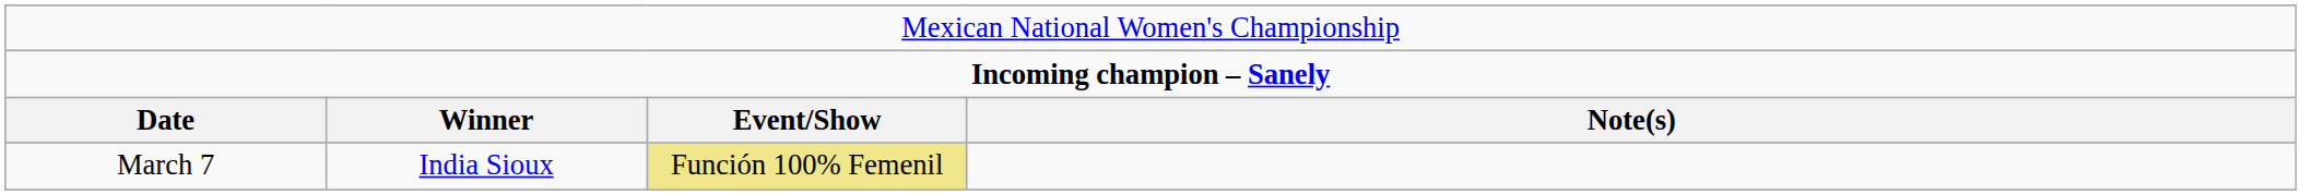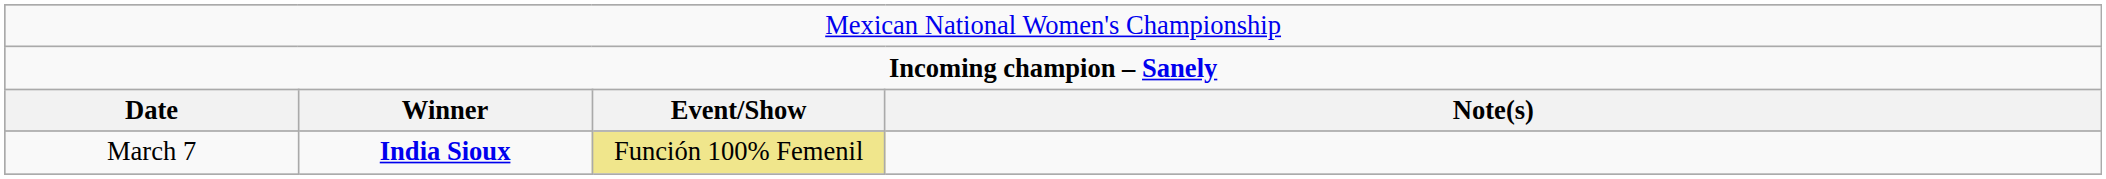 <table class="wikitable" style="text-align:center; width:100%;">
 <tr>
 <td colspan="4" style="text-align: center;"><a href='#'>Mexican National Women's Championship</a></td>
 </tr>
 <tr>
 <td colspan="4" style="text-align: center;"><strong>Incoming champion – <a href='#'>Sanely</a></strong></td>
 </tr>
 <tr>
 <th width=14%>Date</th>
 <th width=14%>Winner</th>
 <th width=14%>Event/Show</th>
 <th width=58%>Note(s)</th>
 </tr>
 <tr>
 <td>March 7</td>
-<td><a href='#'>India Sioux</a></td>
+<td><strong><a href='#'>India Sioux</a></strong></td>
 <td style="background: khaki;">Función 100% Femenil</td>
 <td></td>
 </tr>
 </table>
